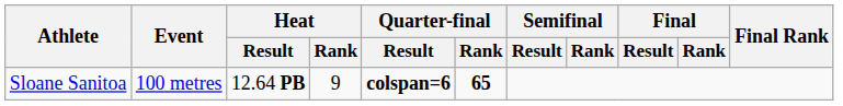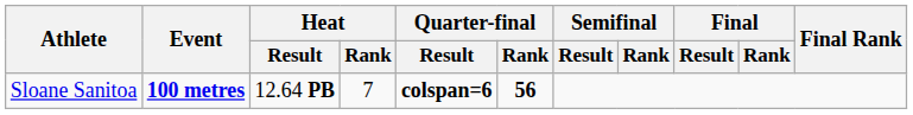 <table class="wikitable" style="font-size:90%">
 <tr>
 <th rowspan="2">Athlete</th>
 <th rowspan="2">Event</th>
 <th colspan="2">Heat</th>
 <th colspan="2">Quarter-final</th>
 <th colspan="2">Semifinal</th>
 <th colspan="2">Final</th>
 <th colspan="2" rowspan="2">Final Rank</th>
 </tr>
 <tr style="font-size:95%">
 <th>Result</th>
 <th>Rank</th>
 <th>Result</th>
 <th>Rank</th>
 <th>Result</th>
 <th>Rank</th>
 <th>Result</th>
 <th>Rank</th>
 </tr>
 <tr align=center>
 <td align=left><a href='#'>Sloane Sanitoa</a></td>
-<td align=left><a href='#'>100 metres</a></td>
+<td align=left><strong><a href='#'>100 metres</a></strong></td>
 <td>12.64 <strong>PB</strong></td>
-<td>9</td>
+<td>7</td>
 <td><strong>colspan=6 </strong></td>
-<td><strong>65</strong></td>
+<td><strong>56</strong></td>
 </tr>
 </table>
